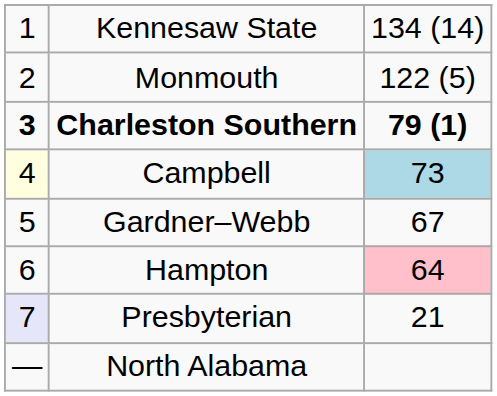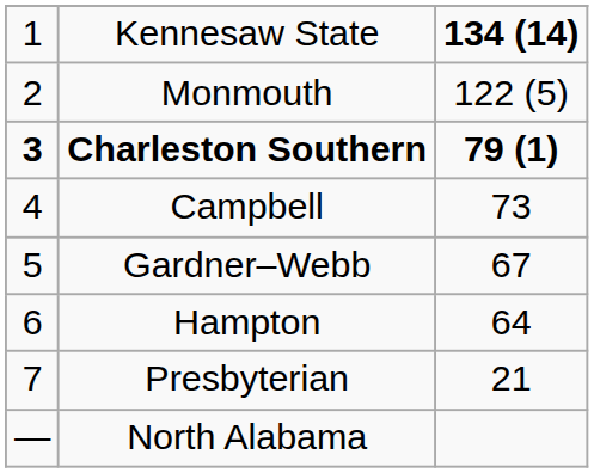 <table class="wikitable">
 <tr align="center">
 </tr>
 <tr align="center">
 <td>1</td>
 <td>Kennesaw State</td>
-<td>134 (14)</td>
+<td><strong>134 (14)</strong></td>
 </tr>
 <tr align="center">
 <td>2</td>
 <td>Monmouth</td>
 <td>122 (5)</td>
 </tr>
 <tr align="center">
 <td><strong>3</strong></td>
 <td><strong>Charleston Southern</strong></td>
 <td><strong>79 (1)</strong></td>
 </tr>
 <tr align="center">
-<td style="background: lightyellow;">4</td>
+<td>4</td>
 <td>Campbell</td>
-<td style="background: lightblue;">73</td>
+<td>73</td>
 </tr>
 <tr align="center">
 <td>5</td>
 <td>Gardner–Webb</td>
 <td>67</td>
 </tr>
 <tr align="center">
 <td>6</td>
 <td>Hampton</td>
-<td style="background: pink;">64</td>
+<td>64</td>
 </tr>
 <tr align="center">
-<td style="background: lavender;">7</td>
+<td>7</td>
 <td>Presbyterian</td>
 <td>21</td>
 </tr>
 <tr align="center">
 <td>—</td>
 <td>North Alabama</td>
 <td></td>
 </tr>
 </table>
